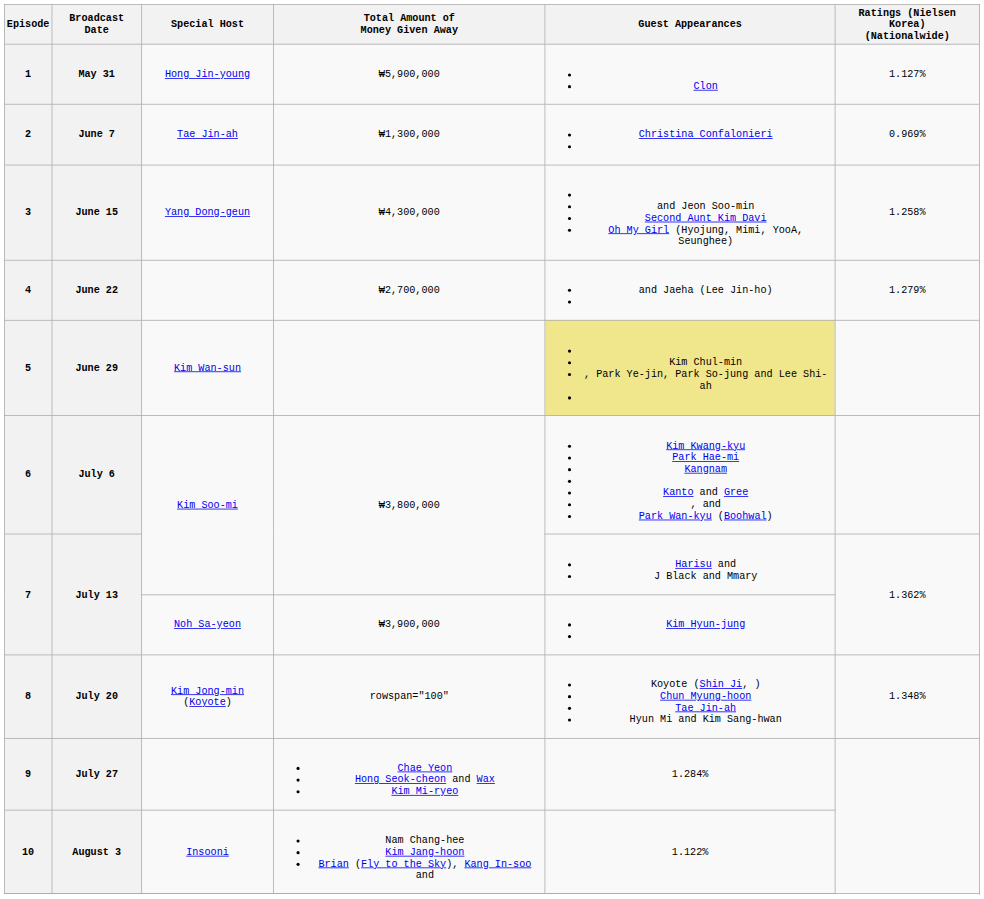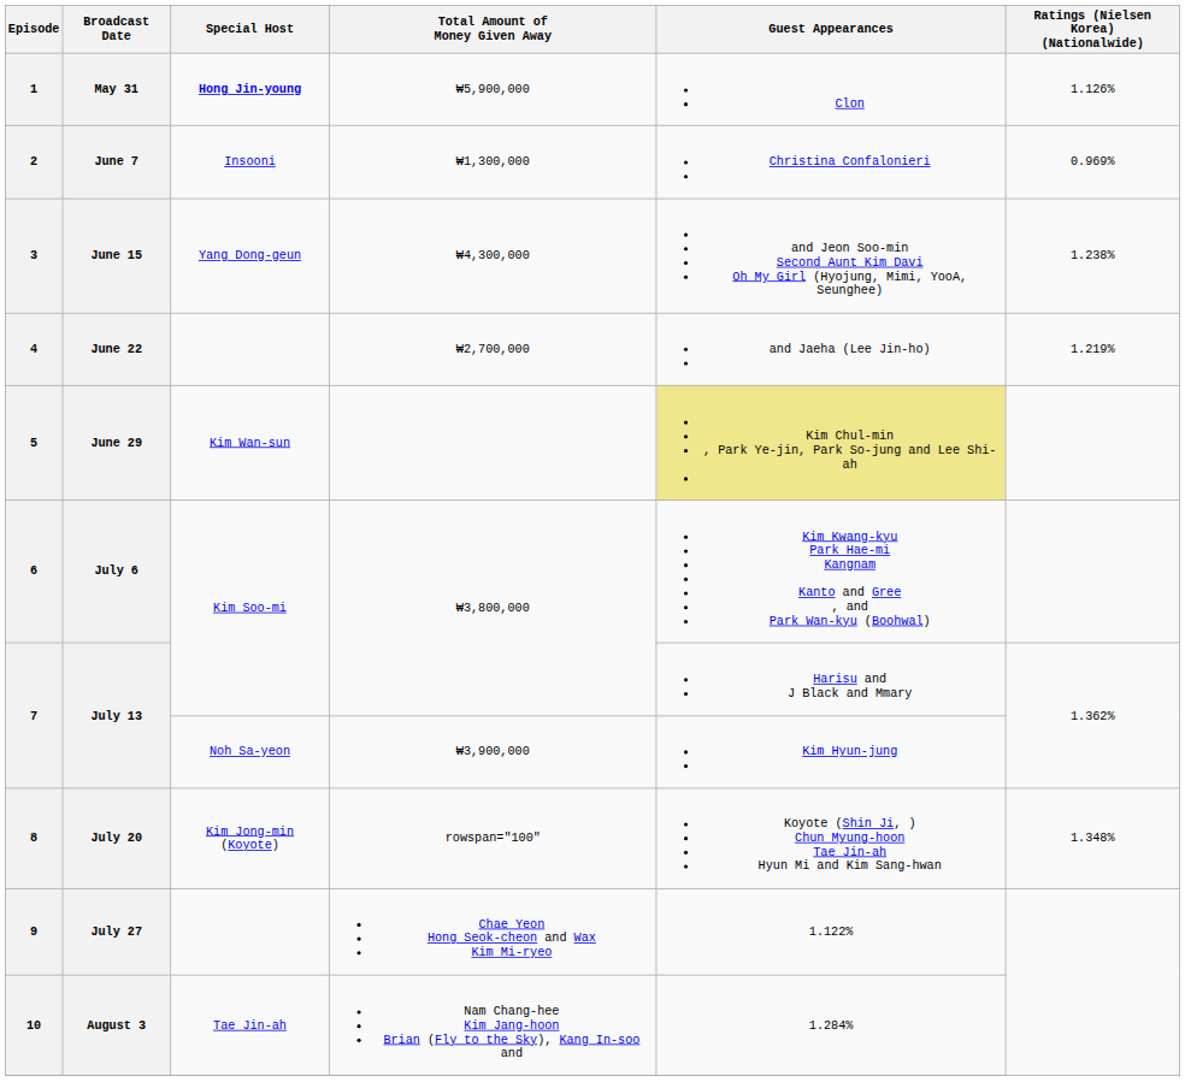 <table class="wikitable" style="text-align:center">
 <tr>
 <th>Episode</th>
 <th>Broadcast Date</th>
 <th>Special Host</th>
 <th>Total Amount of<br>Money Given Away</th>
 <th>Guest Appearances</th>
 <th>Ratings (Nielsen Korea)<br>(Nationalwide)</th>
 </tr>
 <tr>
 <th>1</th>
 <th>May 31</th>
-<td><a href='#'>Hong Jin-young</a></td>
+<td><strong><a href='#'>Hong Jin-young</a></strong></td>
 <td>₩5,900,000</td>
 <td><br><ul><li></li><li><a href='#'>Clon</a></li></ul></td>
-<td>1.127%</td>
+<td>1.126%</td>
 </tr>
 <tr>
 <th>2</th>
 <th>June 7</th>
-<td><a href='#'>Tae Jin-ah</a></td>
+<td><a href='#'>Insooni</a></td>
 <td>₩1,300,000</td>
 <td><br><ul><li><a href='#'>Christina Confalonieri</a></li><li></li></ul></td>
 <td>0.969%</td>
 </tr>
 <tr>
 <th>3</th>
 <th>June 15</th>
 <td><a href='#'>Yang Dong-geun</a></td>
 <td>₩4,300,000</td>
 <td><br><ul><li></li><li> and Jeon Soo-min</li><li><a href='#'>Second Aunt Kim Davi</a></li><li><a href='#'>Oh My Girl</a> (Hyojung, Mimi, YooA, Seunghee)</li></ul></td>
-<td>1.258%</td>
+<td>1.238%</td>
 </tr>
 <tr>
 <th>4</th>
 <th>June 22</th>
 <td></td>
 <td>₩2,700,000</td>
 <td><br><ul><li> and Jaeha (Lee Jin-ho)</li><li></li></ul></td>
-<td>1.279%</td>
+<td>1.219%</td>
 </tr>
 <tr>
 <th>5</th>
 <th>June 29</th>
 <td><a href='#'>Kim Wan-sun</a></td>
 <td></td>
 <td style="background: khaki;"><br><ul><li></li><li>Kim Chul-min</li><li>, Park Ye-jin, Park So-jung and Lee Shi-ah</li><li></li></ul></td>
 <td></td>
 </tr>
 <tr>
 <th>6</th>
 <th>July 6</th>
 <td rowspan="2"><a href='#'>Kim Soo-mi</a></td>
 <td rowspan="2">₩3,800,000</td>
 <td><br><ul><li><a href='#'>Kim Kwang-kyu</a></li><li><a href='#'>Park Hae-mi</a></li><li><a href='#'>Kangnam</a></li><li></li><li><a href='#'>Kanto</a> and <a href='#'>Gree</a></li><li>,  and </li><li><a href='#'>Park Wan-kyu</a> (<a href='#'>Boohwal</a>)</li></ul></td>
 <td></td>
 </tr>
 <tr>
 <th rowspan="2">7</th>
 <th rowspan="2">July 13</th>
 <td><br><ul><li><a href='#'>Harisu</a> and </li><li>J Black and Mmary</li></ul></td>
 <td rowspan="2">1.362%</td>
 </tr>
 <tr>
 <td><a href='#'>Noh Sa-yeon</a></td>
 <td>₩3,900,000</td>
 <td><br><ul><li><a href='#'>Kim Hyun-jung</a></li><li></li></ul></td>
 </tr>
 <tr>
 <th>8</th>
 <th>July 20</th>
 <td><a href='#'>Kim Jong-min</a> (<a href='#'>Koyote</a>)</td>
 <td>rowspan="100" </td>
 <td><br><ul><li>Koyote (<a href='#'>Shin Ji</a>, )</li><li><a href='#'>Chun Myung-hoon</a></li><li><a href='#'>Tae Jin-ah</a></li><li>Hyun Mi and Kim Sang-hwan</li></ul></td>
 <td>1.348%</td>
 </tr>
 <tr>
 <th>9</th>
 <th>July 27</th>
 <td></td>
 <td><br><ul><li><a href='#'>Chae Yeon</a></li><li><a href='#'>Hong Seok-cheon</a> and <a href='#'>Wax</a></li><li><a href='#'>Kim Mi-ryeo</a></li></ul></td>
-<td>1.284%</td>
+<td>1.122%</td>
 </tr>
 <tr>
 <th>10</th>
 <th>August 3</th>
-<td><a href='#'>Insooni</a></td>
+<td><a href='#'>Tae Jin-ah</a></td>
 <td><br><ul><li>Nam Chang-hee</li><li><a href='#'>Kim Jang-hoon</a></li><li><a href='#'>Brian</a> (<a href='#'>Fly to the Sky</a>), <a href='#'>Kang In-soo</a> and </li></ul></td>
-<td>1.122%</td>
+<td>1.284%</td>
 </tr>
 <tr>
 </tr>
 </table>
